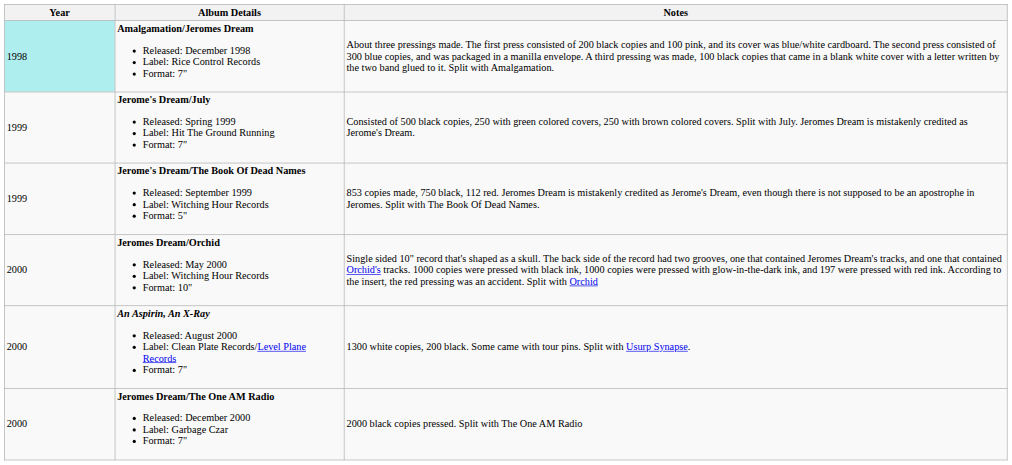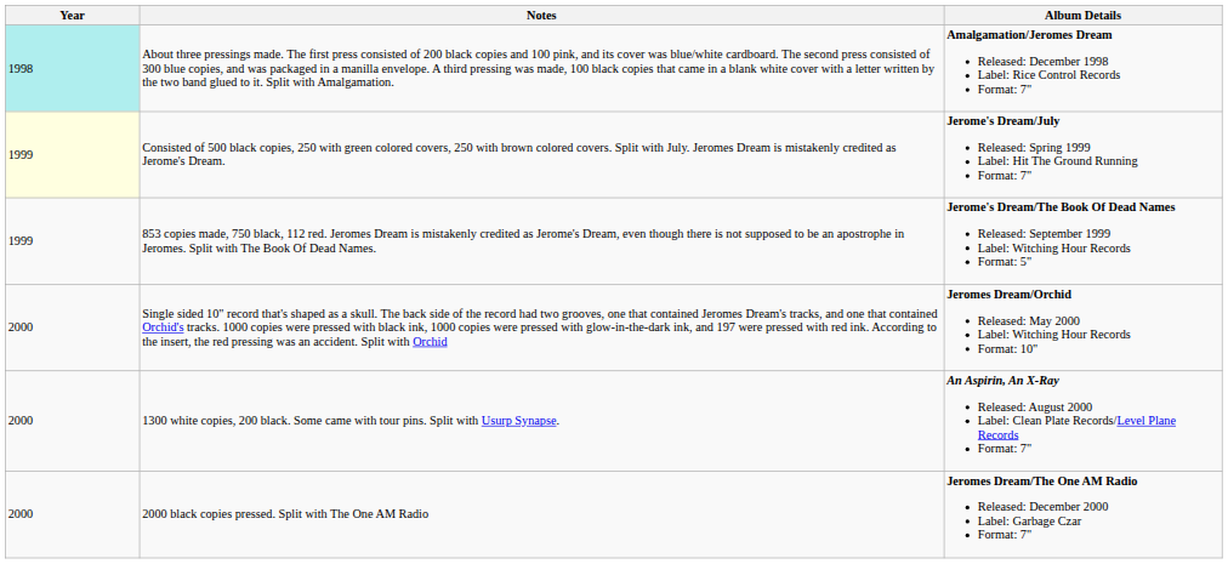 <table class ="wikitable">
 <tr>
 <th style="width: 5%">Year</th>
+<th style="width:30%">Notes</th>
 <th style="width:10%">Album Details</th>
-<th style="width:30%">Notes</th>
 </tr>
 <tr>
 <td style="background: paleturquoise;">1998</td>
+<td>About three pressings made. The first press consisted of 200 black copies and 100 pink, and its cover was blue/white cardboard. The second press consisted of 300 blue copies, and was packaged in a manilla envelope. A third pressing was made, 100 black copies that came in a blank white cover with a letter written by the two band glued to it. Split with Amalgamation.</td>
 <td><strong>Amalgamation/Jeromes Dream</strong><br><ul><li>Released: December 1998</li><li>Label: Rice Control Records</li><li>Format: 7"</li></ul></td>
-<td>About three pressings made. The first press consisted of 200 black copies and 100 pink, and its cover was blue/white cardboard. The second press consisted of 300 blue copies, and was packaged in a manilla envelope. A third pressing was made, 100 black copies that came in a blank white cover with a letter written by the two band glued to it. Split with Amalgamation.</td>
+</tr>
+<tr>
+<td style="background: lightyellow;">1999</td>
+<td>Consisted of 500 black copies, 250 with green colored covers, 250 with brown colored covers. Split with July. Jeromes Dream is mistakenly credited as Jerome's Dream.</td>
+<td><strong>Jerome's Dream/July</strong><br><ul><li>Released: Spring 1999</li><li>Label: Hit The Ground Running</li><li>Format: 7"</li></ul></td>
 </tr>
 <tr>
 <td>1999</td>
-<td><strong>Jerome's Dream/July</strong><br><ul><li>Released: Spring 1999</li><li>Label: Hit The Ground Running</li><li>Format: 7"</li></ul></td>
-<td>Consisted of 500 black copies, 250 with green colored covers, 250 with brown colored covers. Split with July. Jeromes Dream is mistakenly credited as Jerome's Dream.</td>
-</tr>
-<tr>
-<td>1999</td>
+<td>853 copies made, 750 black, 112 red. Jeromes Dream is mistakenly credited as Jerome's Dream, even though there is not supposed to be an apostrophe in Jeromes. Split with The Book Of Dead Names.</td>
 <td><strong>Jerome's Dream/The Book Of Dead Names</strong><br><ul><li>Released: September 1999</li><li>Label: Witching Hour Records</li><li>Format: 5"</li></ul></td>
-<td>853 copies made, 750 black, 112 red. Jeromes Dream is mistakenly credited as Jerome's Dream, even though there is not supposed to be an apostrophe in Jeromes. Split with The Book Of Dead Names.</td>
 </tr>
 <tr>
 <td>2000</td>
+<td>Single sided 10" record that's shaped as a skull. The back side of the record had two grooves, one that contained Jeromes Dream's tracks, and one that contained <a href='#'>Orchid's</a> tracks. 1000 copies were pressed with black ink, 1000 copies were pressed with glow-in-the-dark ink, and 197 were pressed with red ink. According to the insert, the red pressing was an accident. Split with <a href='#'>Orchid</a></td>
 <td><strong>Jeromes Dream/Orchid</strong><br><ul><li>Released: May 2000</li><li>Label: Witching Hour Records</li><li>Format: 10"</li></ul></td>
-<td>Single sided 10" record that's shaped as a skull. The back side of the record had two grooves, one that contained Jeromes Dream's tracks, and one that contained <a href='#'>Orchid's</a> tracks. 1000 copies were pressed with black ink, 1000 copies were pressed with glow-in-the-dark ink, and 197 were pressed with red ink. According to the insert, the red pressing was an accident. Split with <a href='#'>Orchid</a></td>
 </tr>
 <tr>
 <td>2000</td>
+<td>1300 white copies, 200 black. Some came with tour pins. Split with <a href='#'>Usurp Synapse</a>.</td>
 <td><strong><em>An Aspirin, An X-Ray</em></strong><br><ul><li>Released: August 2000</li><li>Label: Clean Plate Records/<a href='#'>Level Plane Records</a></li><li>Format: 7"</li></ul></td>
-<td>1300 white copies, 200 black. Some came with tour pins. Split with <a href='#'>Usurp Synapse</a>.</td>
 </tr>
 <tr>
 <td>2000</td>
+<td>2000 black copies pressed. Split with The One AM Radio</td>
 <td><strong>Jeromes Dream/The One AM Radio</strong><br><ul><li>Released: December 2000</li><li>Label: Garbage Czar</li><li>Format: 7"</li></ul></td>
-<td>2000 black copies pressed. Split with The One AM Radio</td>
 </tr>
 </table>
